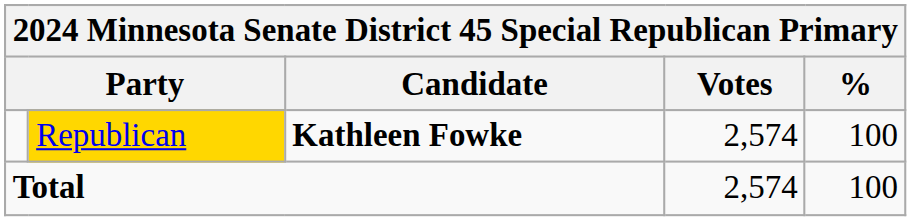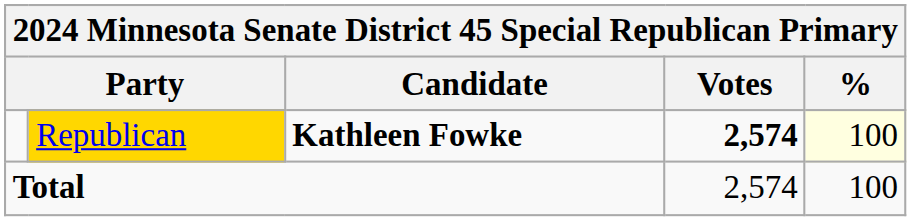 <table class="wikitable">
 <tr>
 <th colspan="6">2024 Minnesota Senate District 45 Special Republican Primary</th>
 </tr>
 <tr>
 <th colspan="2">Party</th>
 <th>Candidate</th>
 <th>Votes</th>
 <th>%</th>
 </tr>
 <tr>
 <td style="background-color:"></td>
 <td style="background: gold;"><a href='#'>Republican</a></td>
 <td><strong>Kathleen Fowke</strong></td>
-<td align="right">2,574</td>
-<td align="right">100</td>
+<td align="right"><strong>2,574</strong></td>
+<td align="right" style="background: lightyellow;">100</td>
 </tr>
 <tr>
 <td colspan="3"><strong>Total</strong></td>
 <td align="right">2,574</td>
 <td align="right">100</td>
 </tr>
 </table>
